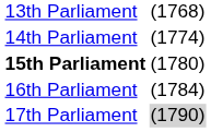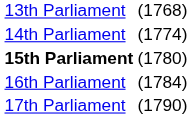 <table id=toc style="float:right">
 <tr>
 <td><a href='#'>13th Parliament</a></td>
 <td>(1768)</td>
 </tr>
 <tr>
 <td><a href='#'>14th Parliament</a></td>
 <td>(1774)</td>
 </tr>
 <tr>
 <td><strong>15th Parliament</strong></td>
 <td>(1780)</td>
 </tr>
 <tr>
 <td><a href='#'>16th Parliament</a></td>
 <td>(1784)</td>
 </tr>
 <tr>
 <td><a href='#'>17th Parliament</a></td>
-<td style="background: lightgrey;">(1790)</td>
+<td>(1790)</td>
 </tr>
 </table>
